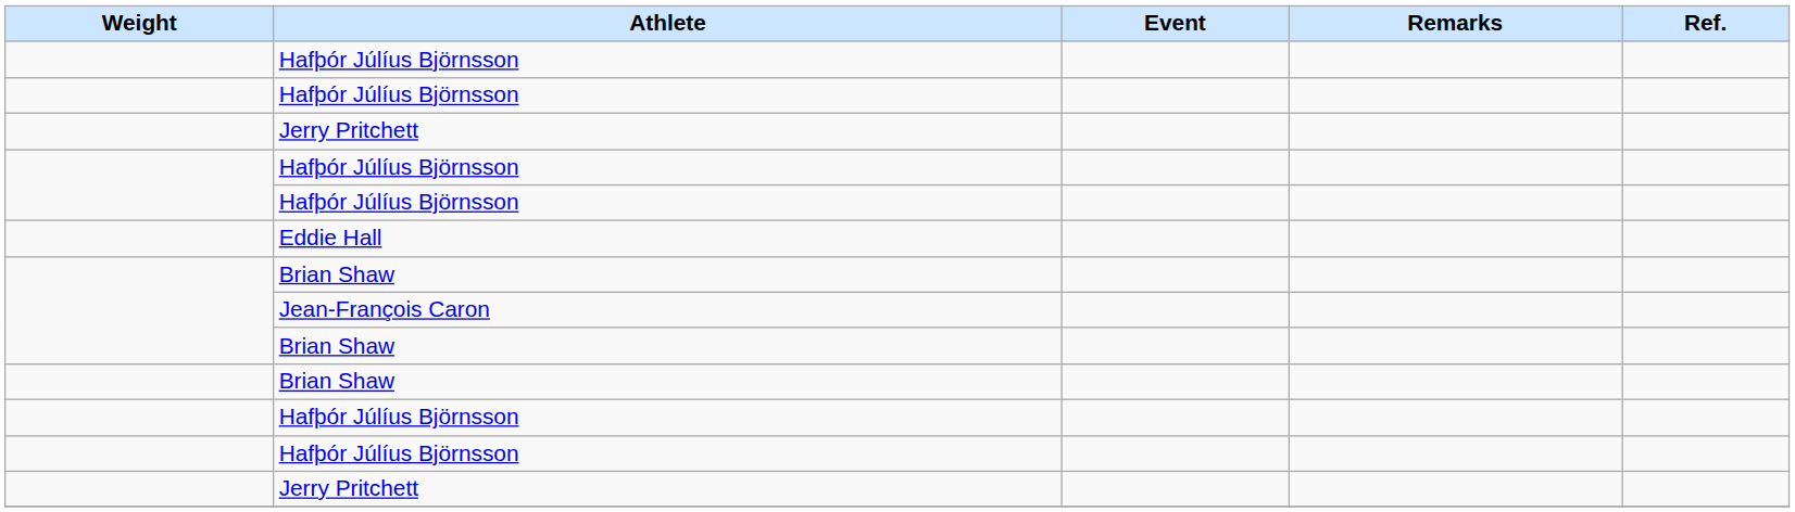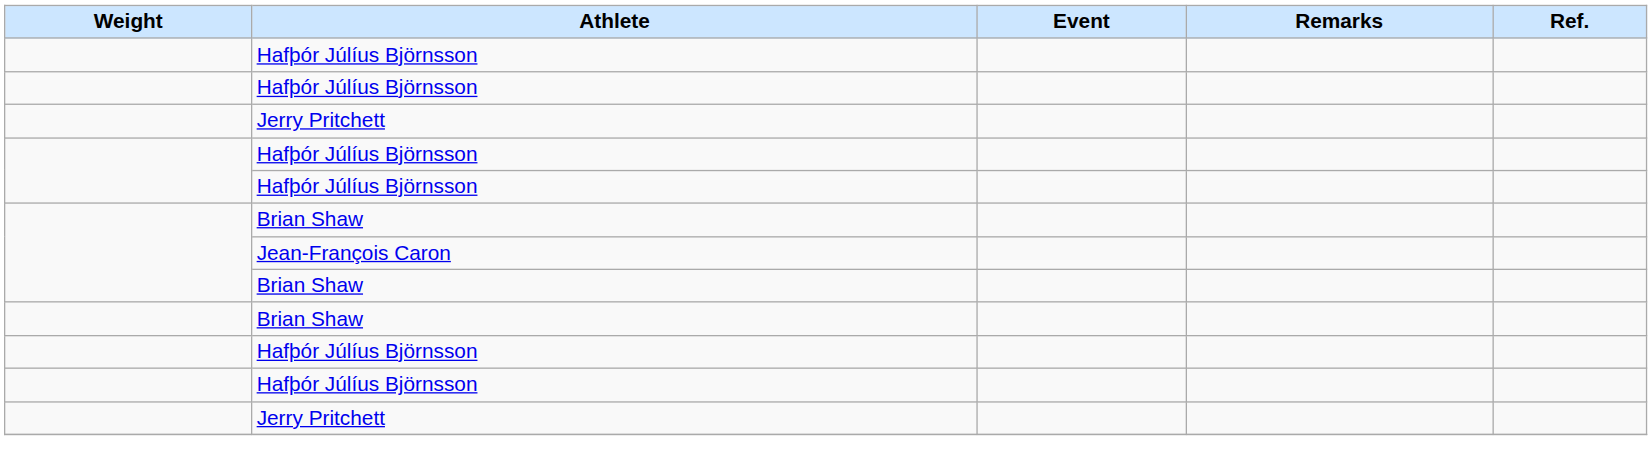 <table class="wikitable sortable" style="display: inline-table;width: 100%;">
 <tr>
 <th style="background: #cce6ff;">Weight</th>
 <th style="background: #cce6ff;">Athlete</th>
 <th style="background: #cce6ff;">Event</th>
 <th style="background: #cce6ff;">Remarks</th>
 <th style="background: #cce6ff;">Ref.</th>
 </tr>
 <tr>
 <td></td>
 <td> <a href='#'>Hafþór Júlíus Björnsson</a></td>
 <td></td>
 <td></td>
 <td></td>
 </tr>
 <tr>
 <td></td>
 <td> <a href='#'>Hafþór Júlíus Björnsson</a></td>
 <td></td>
 <td></td>
 <td></td>
 </tr>
 <tr>
 <td></td>
 <td> <a href='#'>Jerry Pritchett</a></td>
 <td></td>
 <td></td>
 <td></td>
 </tr>
 <tr>
 <td rowspan="2"></td>
 <td> <a href='#'>Hafþór Júlíus Björnsson</a></td>
 <td></td>
 <td></td>
 <td></td>
 </tr>
 <tr>
 <td> <a href='#'>Hafþór Júlíus Björnsson</a></td>
-<td></td>
-<td></td>
-<td></td>
-</tr>
-<tr>
-<td></td>
-<td> <a href='#'>Eddie Hall</a></td>
 <td></td>
 <td></td>
 <td></td>
 </tr>
 <tr>
 <td rowspan="3"></td>
 <td> <a href='#'>Brian Shaw</a></td>
 <td></td>
 <td></td>
 <td></td>
 </tr>
 <tr>
 <td> <a href='#'>Jean-François Caron</a></td>
 <td></td>
 <td></td>
 <td></td>
 </tr>
 <tr>
 <td> <a href='#'>Brian Shaw</a></td>
 <td></td>
 <td></td>
 <td></td>
 </tr>
 <tr>
 <td></td>
 <td> <a href='#'>Brian Shaw</a></td>
 <td></td>
 <td></td>
 <td></td>
 </tr>
 <tr>
 <td></td>
 <td> <a href='#'>Hafþór Júlíus Björnsson</a></td>
 <td></td>
 <td></td>
 <td></td>
 </tr>
 <tr>
 <td></td>
 <td> <a href='#'>Hafþór Júlíus Björnsson</a></td>
 <td></td>
 <td></td>
 <td></td>
 </tr>
 <tr>
 <td></td>
 <td> <a href='#'>Jerry Pritchett</a></td>
 <td></td>
 <td></td>
 <td></td>
 </tr>
 <tr>
 </tr>
 </table>
